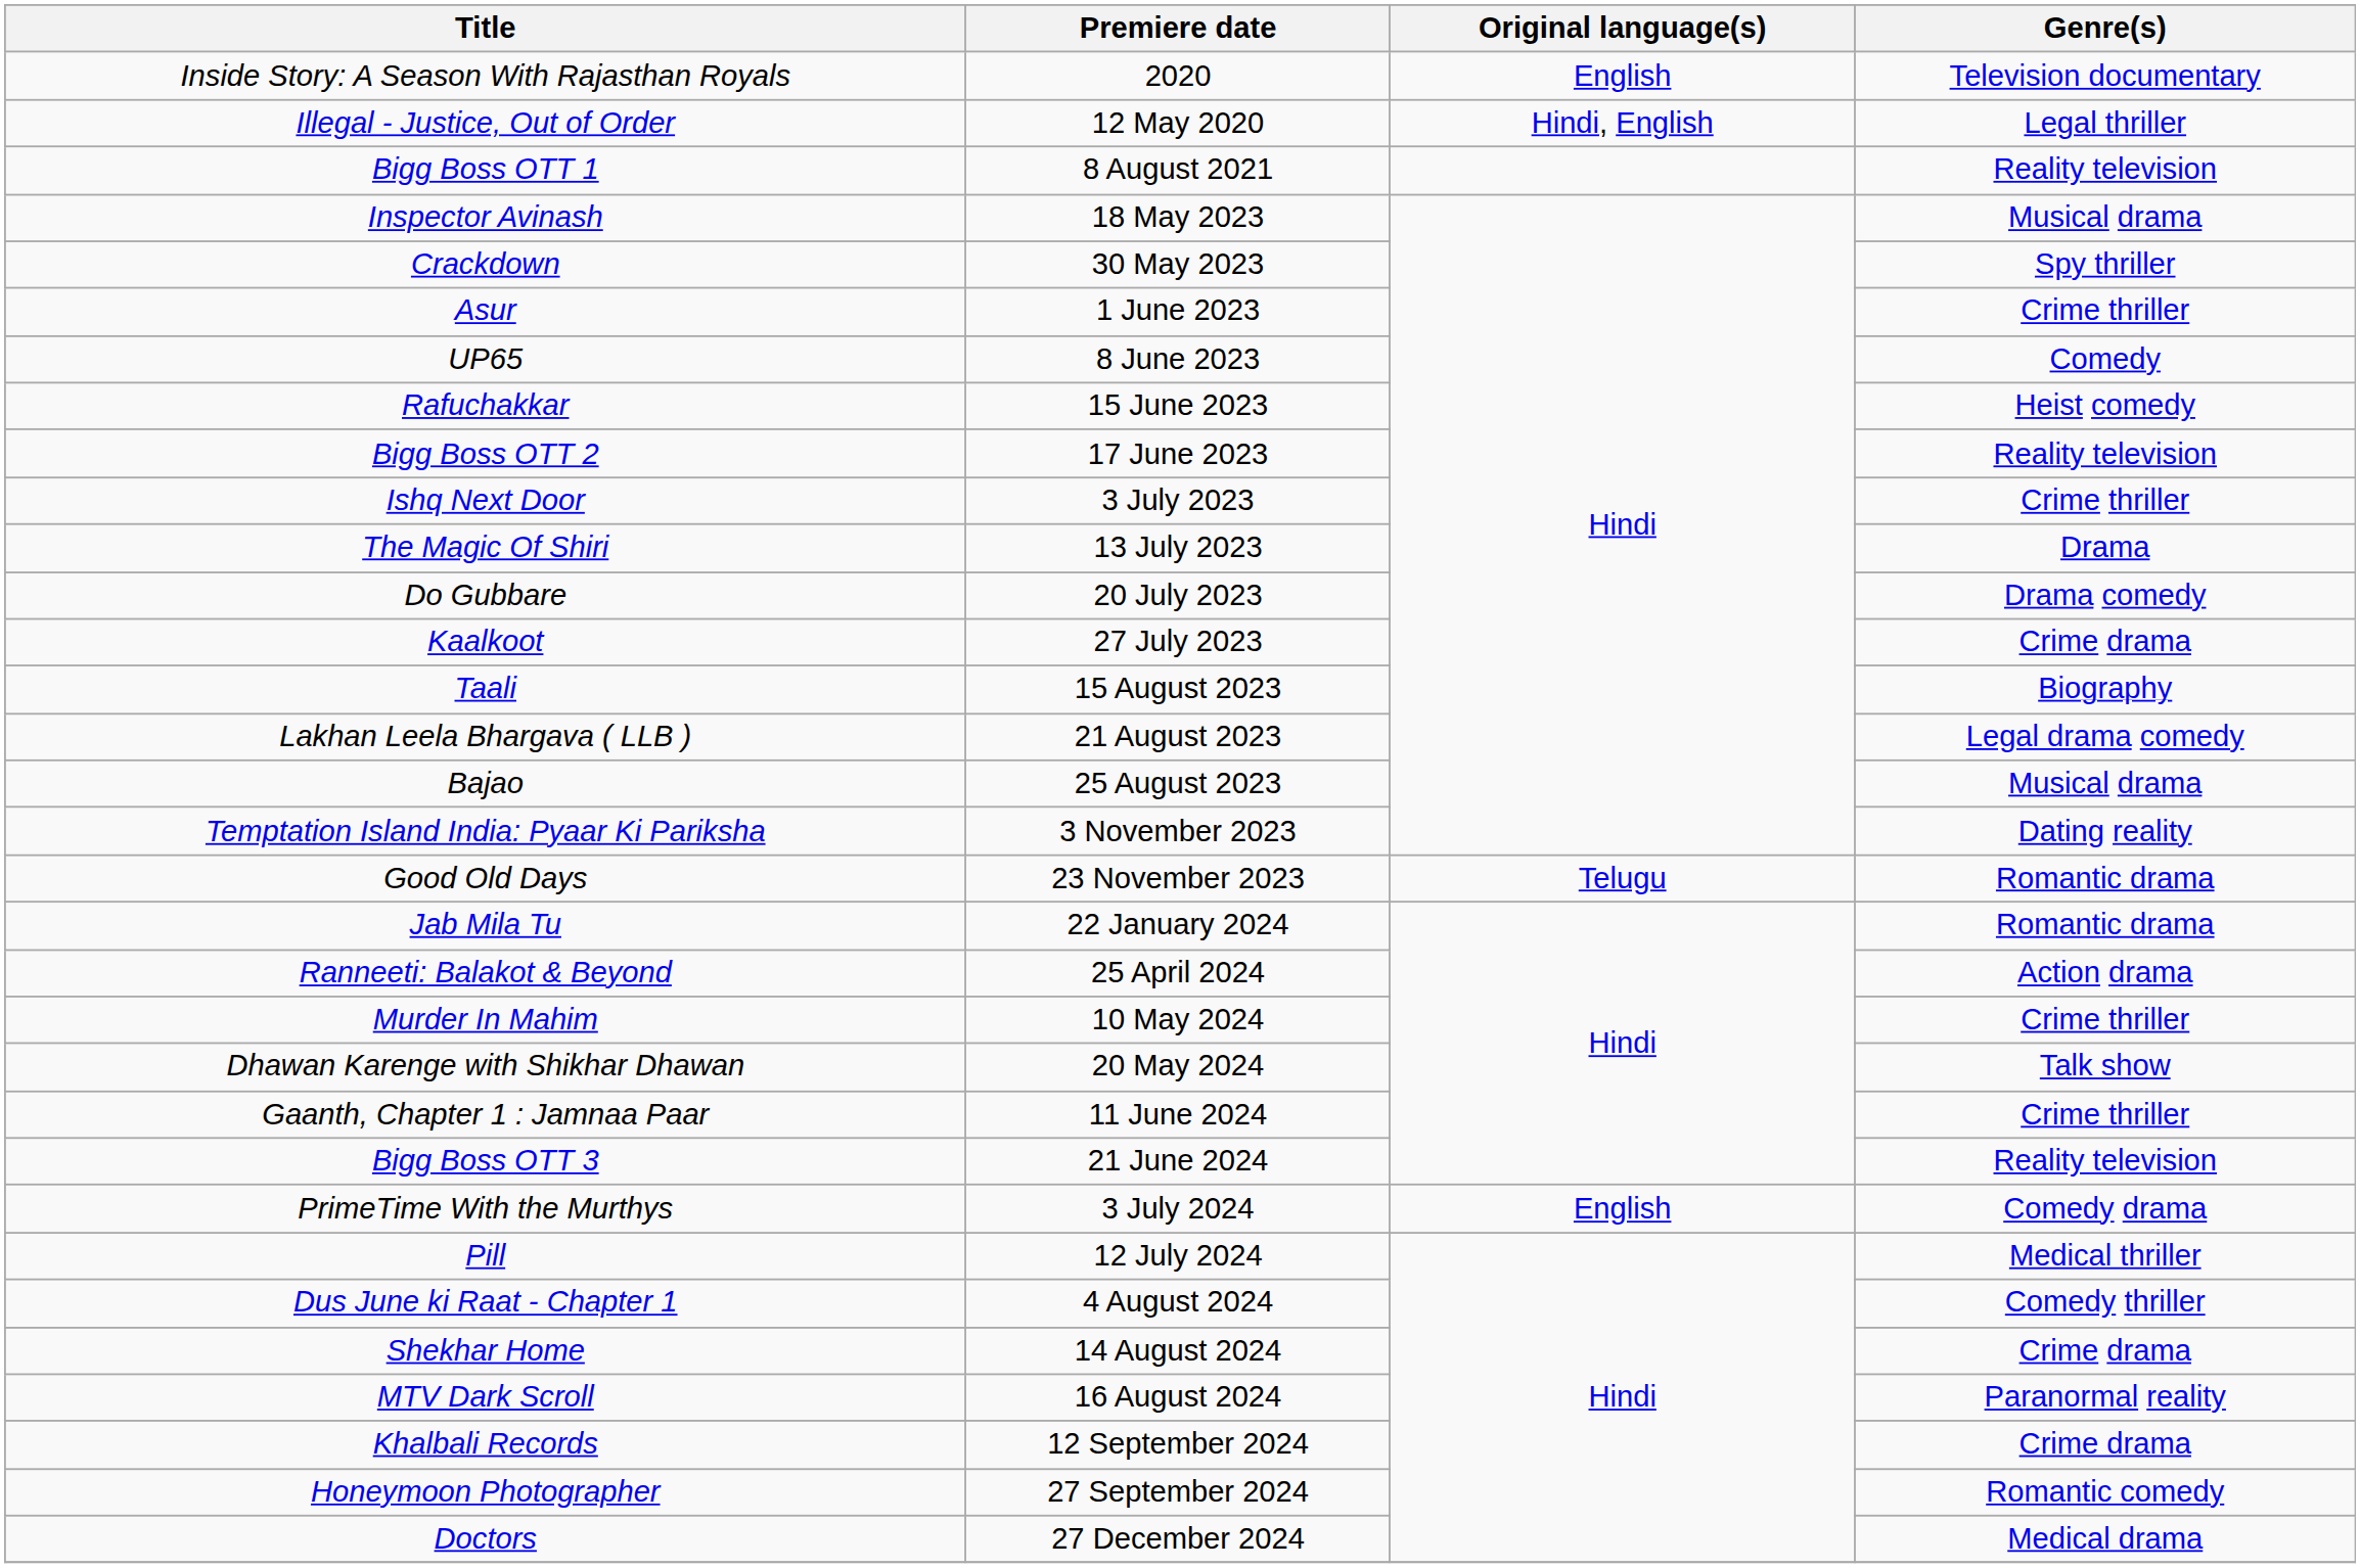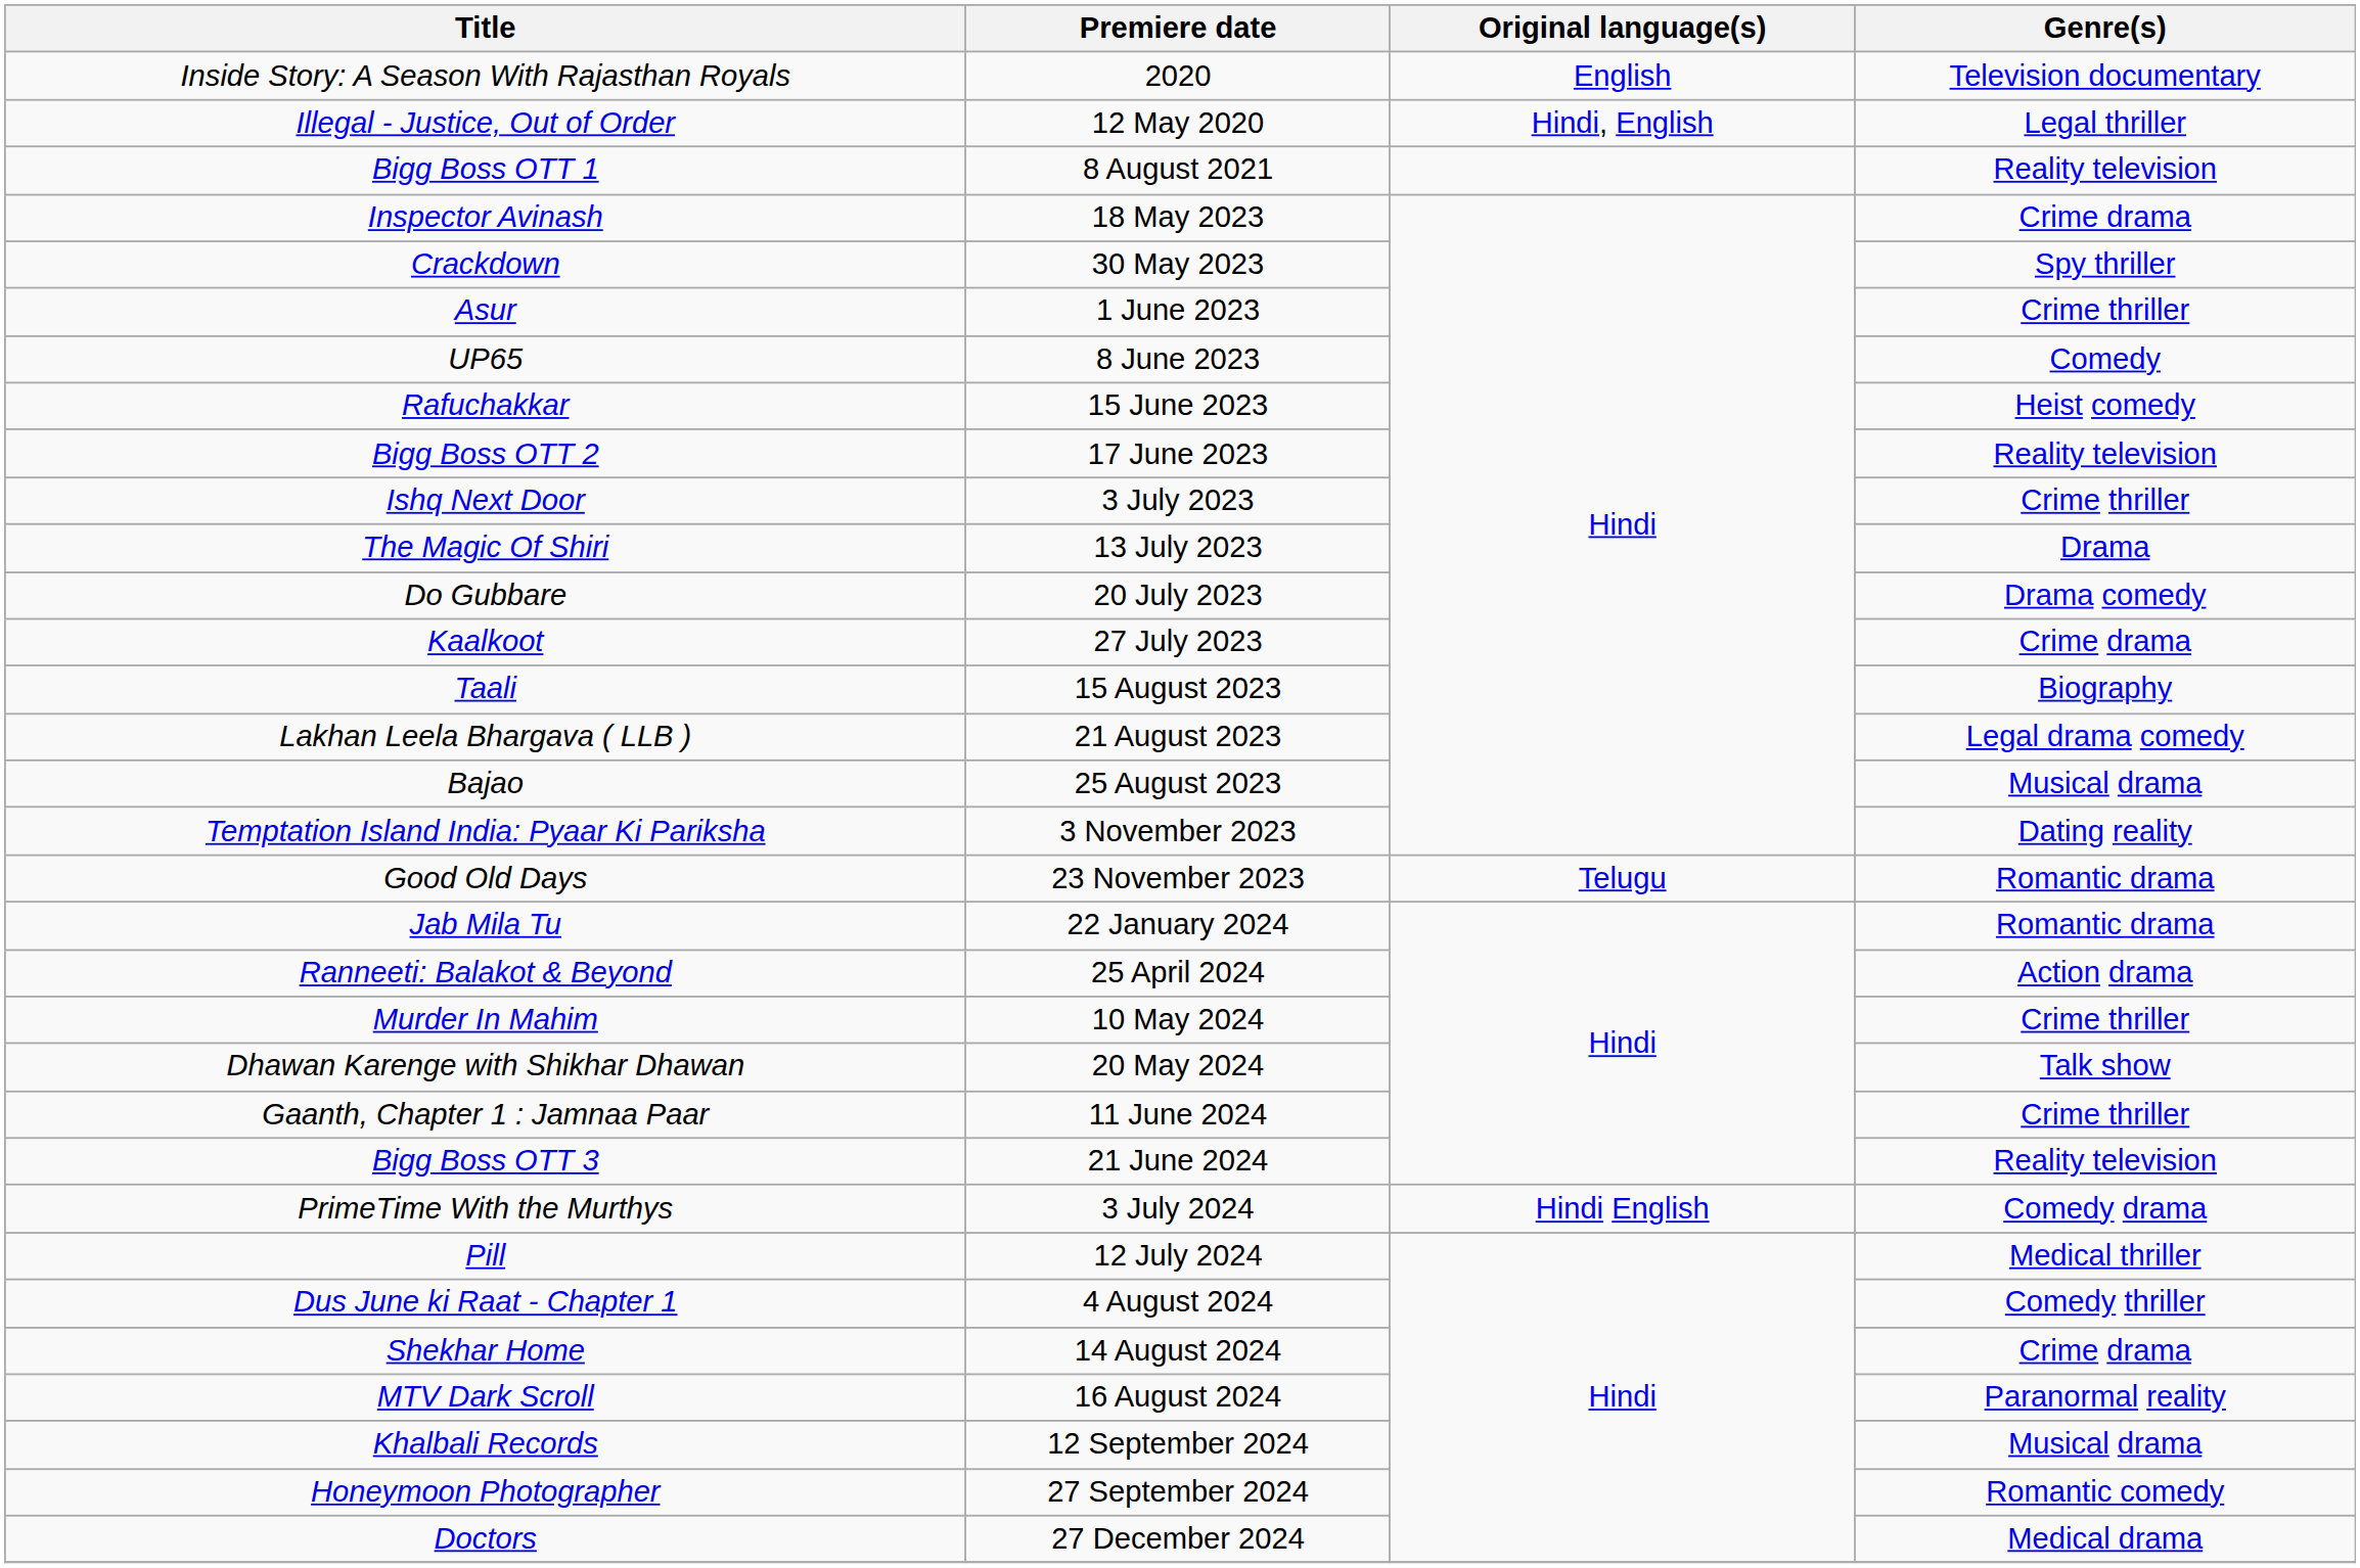 <table class="wikitable" style="width: 100%; text-align: center;">
 <tr>
 <th>Title</th>
 <th>Premiere date</th>
 <th>Original language(s)</th>
 <th>Genre(s)</th>
 </tr>
 <tr>
 <td><em>Inside Story: A Season With Rajasthan Royals</em></td>
 <td>2020</td>
 <td><a href='#'>English</a></td>
 <td><a href='#'>Television documentary</a></td>
 </tr>
 <tr>
 <td><em><a href='#'>Illegal - Justice, Out of Order</a></em></td>
 <td>12 May 2020</td>
 <td><a href='#'>Hindi</a>, <a href='#'>English</a></td>
 <td><a href='#'>Legal thriller</a></td>
 </tr>
 <tr>
 <td><a href='#'><em>Bigg Boss OTT 1</em></a></td>
 <td>8 August 2021</td>
 <td></td>
 <td><a href='#'>Reality television</a></td>
 </tr>
 <tr>
 <td><em><a href='#'>Inspector Avinash</a></em></td>
 <td>18 May 2023</td>
 <td rowspan="14"><a href='#'>Hindi</a></td>
-<td><a href='#'>Musical</a> <a href='#'>drama</a></td>
+<td><a href='#'>Crime drama</a></td>
 </tr>
 <tr>
 <td><em><a href='#'>Crackdown</a></em></td>
 <td>30 May 2023</td>
 <td><a href='#'>Spy thriller</a></td>
 </tr>
 <tr>
 <td><em><a href='#'>Asur</a></em></td>
 <td>1 June 2023</td>
 <td><a href='#'>Crime thriller</a></td>
 </tr>
 <tr>
 <td><em>UP65</em></td>
 <td>8 June 2023</td>
 <td><a href='#'>Comedy</a></td>
 </tr>
 <tr>
 <td><em><a href='#'>Rafuchakkar</a></em></td>
 <td>15 June 2023</td>
 <td><a href='#'>Heist</a> <a href='#'>comedy</a></td>
 </tr>
 <tr>
 <td><a href='#'><em>Bigg Boss OTT 2</em></a></td>
 <td>17 June 2023</td>
 <td><a href='#'>Reality television</a></td>
 </tr>
 <tr>
 <td><em><a href='#'>Ishq Next Door</a></em></td>
 <td>3 July 2023</td>
 <td><a href='#'>Crime</a> <a href='#'>thriller</a></td>
 </tr>
 <tr>
 <td><em><a href='#'>The Magic Of Shiri</a></em></td>
 <td>13 July 2023</td>
 <td><a href='#'>Drama</a></td>
 </tr>
 <tr>
 <td><em>Do Gubbare</em></td>
 <td>20 July 2023</td>
 <td><a href='#'>Drama</a> <a href='#'>comedy</a></td>
 </tr>
 <tr>
 <td><em><a href='#'>Kaalkoot</a></em></td>
 <td>27 July 2023</td>
 <td><a href='#'>Crime</a> <a href='#'>drama</a></td>
 </tr>
 <tr>
 <td><em><a href='#'>Taali</a></em></td>
 <td>15 August 2023</td>
 <td><a href='#'>Biography</a></td>
 </tr>
 <tr>
 <td><em>Lakhan Leela Bhargava ( LLB )</em></td>
 <td>21 August 2023</td>
 <td><a href='#'>Legal drama</a> <a href='#'>comedy</a></td>
 </tr>
 <tr>
 <td><em>Bajao</em></td>
 <td>25 August 2023</td>
 <td><a href='#'>Musical</a> <a href='#'>drama</a></td>
 </tr>
 <tr>
 <td><em><a href='#'>Temptation Island India: Pyaar Ki Pariksha</a></em></td>
 <td>3 November 2023</td>
 <td><a href='#'>Dating</a> <a href='#'>reality</a></td>
 </tr>
 <tr>
 <td><em>Good Old Days</em></td>
 <td>23 November 2023</td>
 <td><a href='#'>Telugu</a></td>
 <td><a href='#'>Romantic drama</a></td>
 </tr>
 <tr>
 <td><em><a href='#'>Jab Mila Tu</a></em></td>
 <td>22 January 2024</td>
 <td rowspan="6"><a href='#'>Hindi</a></td>
 <td><a href='#'>Romantic drama</a></td>
 </tr>
 <tr>
 <td><em><a href='#'>Ranneeti: Balakot & Beyond</a></em></td>
 <td>25 April 2024</td>
 <td><a href='#'>Action</a> <a href='#'>drama</a></td>
 </tr>
 <tr>
 <td><em><a href='#'>Murder In Mahim</a></em></td>
 <td>10 May 2024</td>
 <td><a href='#'>Crime thriller</a></td>
 </tr>
 <tr>
 <td><em>Dhawan Karenge with Shikhar Dhawan</em></td>
 <td>20 May 2024</td>
 <td><a href='#'>Talk show</a></td>
 </tr>
 <tr>
 <td><em>Gaanth, Chapter 1 : Jamnaa Paar</em></td>
 <td>11 June 2024</td>
 <td><a href='#'>Crime thriller</a></td>
 </tr>
 <tr>
 <td><a href='#'><em>Bigg Boss OTT 3</em></a></td>
 <td>21 June 2024</td>
 <td><a href='#'>Reality television</a></td>
 </tr>
 <tr>
 <td><em>PrimeTime With the Murthys</em></td>
 <td>3 July 2024</td>
-<td><a href='#'>English</a></td>
+<td><a href='#'>Hindi</a> <a href='#'>English</a></td>
 <td><a href='#'>Comedy</a> <a href='#'>drama</a></td>
 </tr>
 <tr>
 <td><em><a href='#'>Pill</a></em></td>
 <td>12 July 2024</td>
 <td rowspan="7"><a href='#'>Hindi</a></td>
 <td><a href='#'>Medical thriller</a></td>
 </tr>
 <tr>
 <td><em><a href='#'>Dus June ki Raat - Chapter 1</a></em></td>
 <td>4 August 2024</td>
 <td><a href='#'>Comedy</a> <a href='#'>thriller</a></td>
 </tr>
 <tr>
 <td><em><a href='#'>Shekhar Home</a></em></td>
 <td>14 August 2024</td>
 <td><a href='#'>Crime</a> <a href='#'>drama</a></td>
 </tr>
 <tr>
 <td><em><a href='#'>MTV Dark Scroll</a></em></td>
 <td>16 August 2024</td>
 <td><a href='#'>Paranormal</a> <a href='#'>reality</a></td>
 </tr>
 <tr>
 <td><em><a href='#'>Khalbali Records</a></em></td>
 <td>12 September 2024</td>
-<td><a href='#'>Crime drama</a></td>
+<td><a href='#'>Musical</a> <a href='#'>drama</a></td>
 </tr>
 <tr>
 <td><em><a href='#'>Honeymoon Photographer</a></em></td>
 <td>27 September 2024</td>
 <td><a href='#'>Romantic comedy</a></td>
 </tr>
 <tr>
 <td><em><a href='#'>Doctors</a></em></td>
 <td>27 December 2024</td>
 <td><a href='#'>Medical drama</a></td>
 </tr>
 <tr>
 </tr>
 </table>
